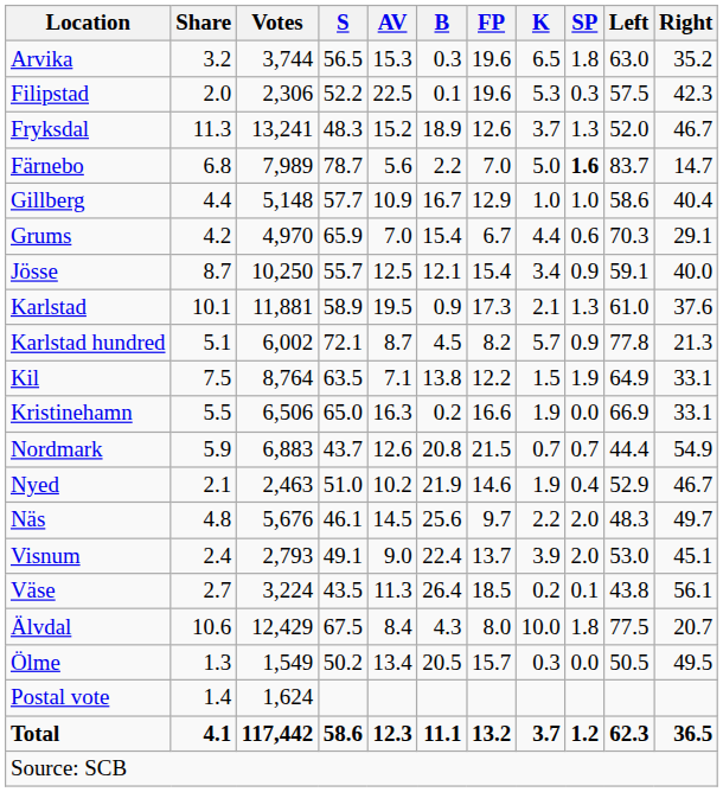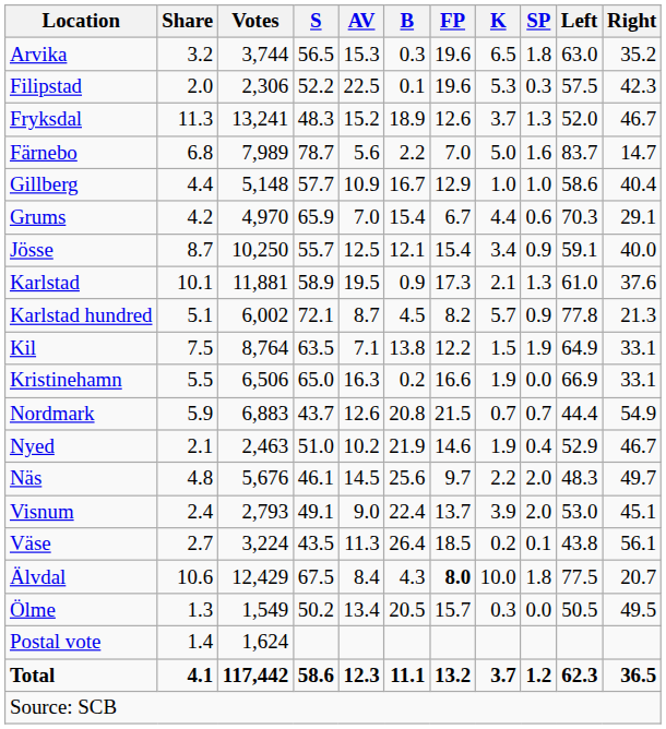 <table class="wikitable sortable" style=text-align:right>
 <tr>
 <th>Location</th>
 <th>Share</th>
 <th>Votes</th>
 <th><a href='#'>S</a></th>
 <th><a href='#'>AV</a></th>
 <th><a href='#'>B</a></th>
 <th><a href='#'>FP</a></th>
 <th><a href='#'>K</a></th>
 <th><a href='#'>SP</a></th>
 <th>Left</th>
 <th>Right</th>
 </tr>
 <tr>
 <td align=left><a href='#'>Arvika</a></td>
 <td>3.2</td>
 <td>3,744</td>
 <td>56.5</td>
 <td>15.3</td>
 <td>0.3</td>
 <td>19.6</td>
 <td>6.5</td>
 <td>1.8</td>
 <td>63.0</td>
 <td>35.2</td>
 </tr>
 <tr>
 <td align=left><a href='#'>Filipstad</a></td>
 <td>2.0</td>
 <td>2,306</td>
 <td>52.2</td>
 <td>22.5</td>
 <td>0.1</td>
 <td>19.6</td>
 <td>5.3</td>
 <td>0.3</td>
 <td>57.5</td>
 <td>42.3</td>
 </tr>
 <tr>
 <td align=left><a href='#'>Fryksdal</a></td>
 <td>11.3</td>
 <td>13,241</td>
 <td>48.3</td>
 <td>15.2</td>
 <td>18.9</td>
 <td>12.6</td>
 <td>3.7</td>
 <td>1.3</td>
 <td>52.0</td>
 <td>46.7</td>
 </tr>
 <tr>
 <td align=left><a href='#'>Färnebo</a></td>
 <td>6.8</td>
 <td>7,989</td>
 <td>78.7</td>
 <td>5.6</td>
 <td>2.2</td>
 <td>7.0</td>
 <td>5.0</td>
-<td><strong>1.6</strong></td>
+<td>1.6</td>
 <td>83.7</td>
 <td>14.7</td>
 </tr>
 <tr>
 <td align=left><a href='#'>Gillberg</a></td>
 <td>4.4</td>
 <td>5,148</td>
 <td>57.7</td>
 <td>10.9</td>
 <td>16.7</td>
 <td>12.9</td>
 <td>1.0</td>
 <td>1.0</td>
 <td>58.6</td>
 <td>40.4</td>
 </tr>
 <tr>
 <td align=left><a href='#'>Grums</a></td>
 <td>4.2</td>
 <td>4,970</td>
 <td>65.9</td>
 <td>7.0</td>
 <td>15.4</td>
 <td>6.7</td>
 <td>4.4</td>
 <td>0.6</td>
 <td>70.3</td>
 <td>29.1</td>
 </tr>
 <tr>
 <td align=left><a href='#'>Jösse</a></td>
 <td>8.7</td>
 <td>10,250</td>
 <td>55.7</td>
 <td>12.5</td>
 <td>12.1</td>
 <td>15.4</td>
 <td>3.4</td>
 <td>0.9</td>
 <td>59.1</td>
 <td>40.0</td>
 </tr>
 <tr>
 <td align=left><a href='#'>Karlstad</a></td>
 <td>10.1</td>
 <td>11,881</td>
 <td>58.9</td>
 <td>19.5</td>
 <td>0.9</td>
 <td>17.3</td>
 <td>2.1</td>
 <td>1.3</td>
 <td>61.0</td>
 <td>37.6</td>
 </tr>
 <tr>
 <td align=left><a href='#'>Karlstad hundred</a></td>
 <td>5.1</td>
 <td>6,002</td>
 <td>72.1</td>
 <td>8.7</td>
 <td>4.5</td>
 <td>8.2</td>
 <td>5.7</td>
 <td>0.9</td>
 <td>77.8</td>
 <td>21.3</td>
 </tr>
 <tr>
 <td align=left><a href='#'>Kil</a></td>
 <td>7.5</td>
 <td>8,764</td>
 <td>63.5</td>
 <td>7.1</td>
 <td>13.8</td>
 <td>12.2</td>
 <td>1.5</td>
 <td>1.9</td>
 <td>64.9</td>
 <td>33.1</td>
 </tr>
 <tr>
 <td align=left><a href='#'>Kristinehamn</a></td>
 <td>5.5</td>
 <td>6,506</td>
 <td>65.0</td>
 <td>16.3</td>
 <td>0.2</td>
 <td>16.6</td>
 <td>1.9</td>
 <td>0.0</td>
 <td>66.9</td>
 <td>33.1</td>
 </tr>
 <tr>
 <td align=left><a href='#'>Nordmark</a></td>
 <td>5.9</td>
 <td>6,883</td>
 <td>43.7</td>
 <td>12.6</td>
 <td>20.8</td>
 <td>21.5</td>
 <td>0.7</td>
 <td>0.7</td>
 <td>44.4</td>
 <td>54.9</td>
 </tr>
 <tr>
 <td align=left><a href='#'>Nyed</a></td>
 <td>2.1</td>
 <td>2,463</td>
 <td>51.0</td>
 <td>10.2</td>
 <td>21.9</td>
 <td>14.6</td>
 <td>1.9</td>
 <td>0.4</td>
 <td>52.9</td>
 <td>46.7</td>
 </tr>
 <tr>
 <td align=left><a href='#'>Näs</a></td>
 <td>4.8</td>
 <td>5,676</td>
 <td>46.1</td>
 <td>14.5</td>
 <td>25.6</td>
 <td>9.7</td>
 <td>2.2</td>
 <td>2.0</td>
 <td>48.3</td>
 <td>49.7</td>
 </tr>
 <tr>
 <td align=left><a href='#'>Visnum</a></td>
 <td>2.4</td>
 <td>2,793</td>
 <td>49.1</td>
 <td>9.0</td>
 <td>22.4</td>
 <td>13.7</td>
 <td>3.9</td>
 <td>2.0</td>
 <td>53.0</td>
 <td>45.1</td>
 </tr>
 <tr>
 <td align=left><a href='#'>Väse</a></td>
 <td>2.7</td>
 <td>3,224</td>
 <td>43.5</td>
 <td>11.3</td>
 <td>26.4</td>
 <td>18.5</td>
 <td>0.2</td>
 <td>0.1</td>
 <td>43.8</td>
 <td>56.1</td>
 </tr>
 <tr>
 <td align=left><a href='#'>Älvdal</a></td>
 <td>10.6</td>
 <td>12,429</td>
 <td>67.5</td>
 <td>8.4</td>
 <td>4.3</td>
-<td>8.0</td>
+<td><strong>8.0</strong></td>
 <td>10.0</td>
 <td>1.8</td>
 <td>77.5</td>
 <td>20.7</td>
 </tr>
 <tr>
 <td align=left><a href='#'>Ölme</a></td>
 <td>1.3</td>
 <td>1,549</td>
 <td>50.2</td>
 <td>13.4</td>
 <td>20.5</td>
 <td>15.7</td>
 <td>0.3</td>
 <td>0.0</td>
 <td>50.5</td>
 <td>49.5</td>
 </tr>
 <tr>
 <td align=left><a href='#'>Postal vote</a></td>
 <td>1.4</td>
 <td>1,624</td>
 <td></td>
 <td></td>
 <td></td>
 <td></td>
 <td></td>
 <td></td>
 <td></td>
 <td></td>
 </tr>
 <tr>
 <td align=left><strong>Total</strong></td>
 <td><strong>4.1</strong></td>
 <td><strong>117,442</strong></td>
 <td><strong>58.6</strong></td>
 <td><strong>12.3</strong></td>
 <td><strong>11.1</strong></td>
 <td><strong>13.2</strong></td>
 <td><strong>3.7</strong></td>
 <td><strong>1.2</strong></td>
 <td><strong>62.3</strong></td>
 <td><strong>36.5</strong></td>
 </tr>
 <tr>
 <td align=left colspan=11>Source: SCB </td>
 </tr>
 </table>
